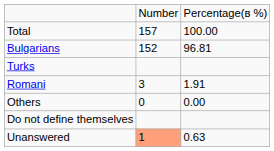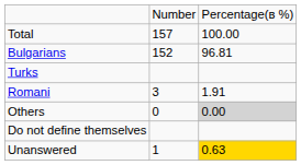 <table class="wikitable">
 <tr>
 <td></td>
 <td>Number</td>
 <td>Percentage(в %)</td>
 </tr>
 <tr>
 <td>Total</td>
 <td>157</td>
 <td>100.00</td>
 </tr>
 <tr>
 <td><a href='#'>Bulgarians</a></td>
 <td>152</td>
 <td>96.81</td>
 </tr>
 <tr>
 <td><a href='#'>Turks</a></td>
 <td></td>
 <td></td>
 </tr>
 <tr>
 <td><a href='#'>Romani</a></td>
 <td>3</td>
 <td>1.91</td>
 </tr>
 <tr>
 <td>Others</td>
 <td>0</td>
-<td>0.00</td>
+<td style="background: lightgrey;">0.00</td>
 </tr>
 <tr>
 <td>Do not define themselves</td>
 <td></td>
 <td></td>
 </tr>
 <tr>
 <td>Unanswered</td>
-<td style="background: lightsalmon;">1</td>
-<td>0.63</td>
+<td>1</td>
+<td style="background: gold;">0.63</td>
 </tr>
 </table>
